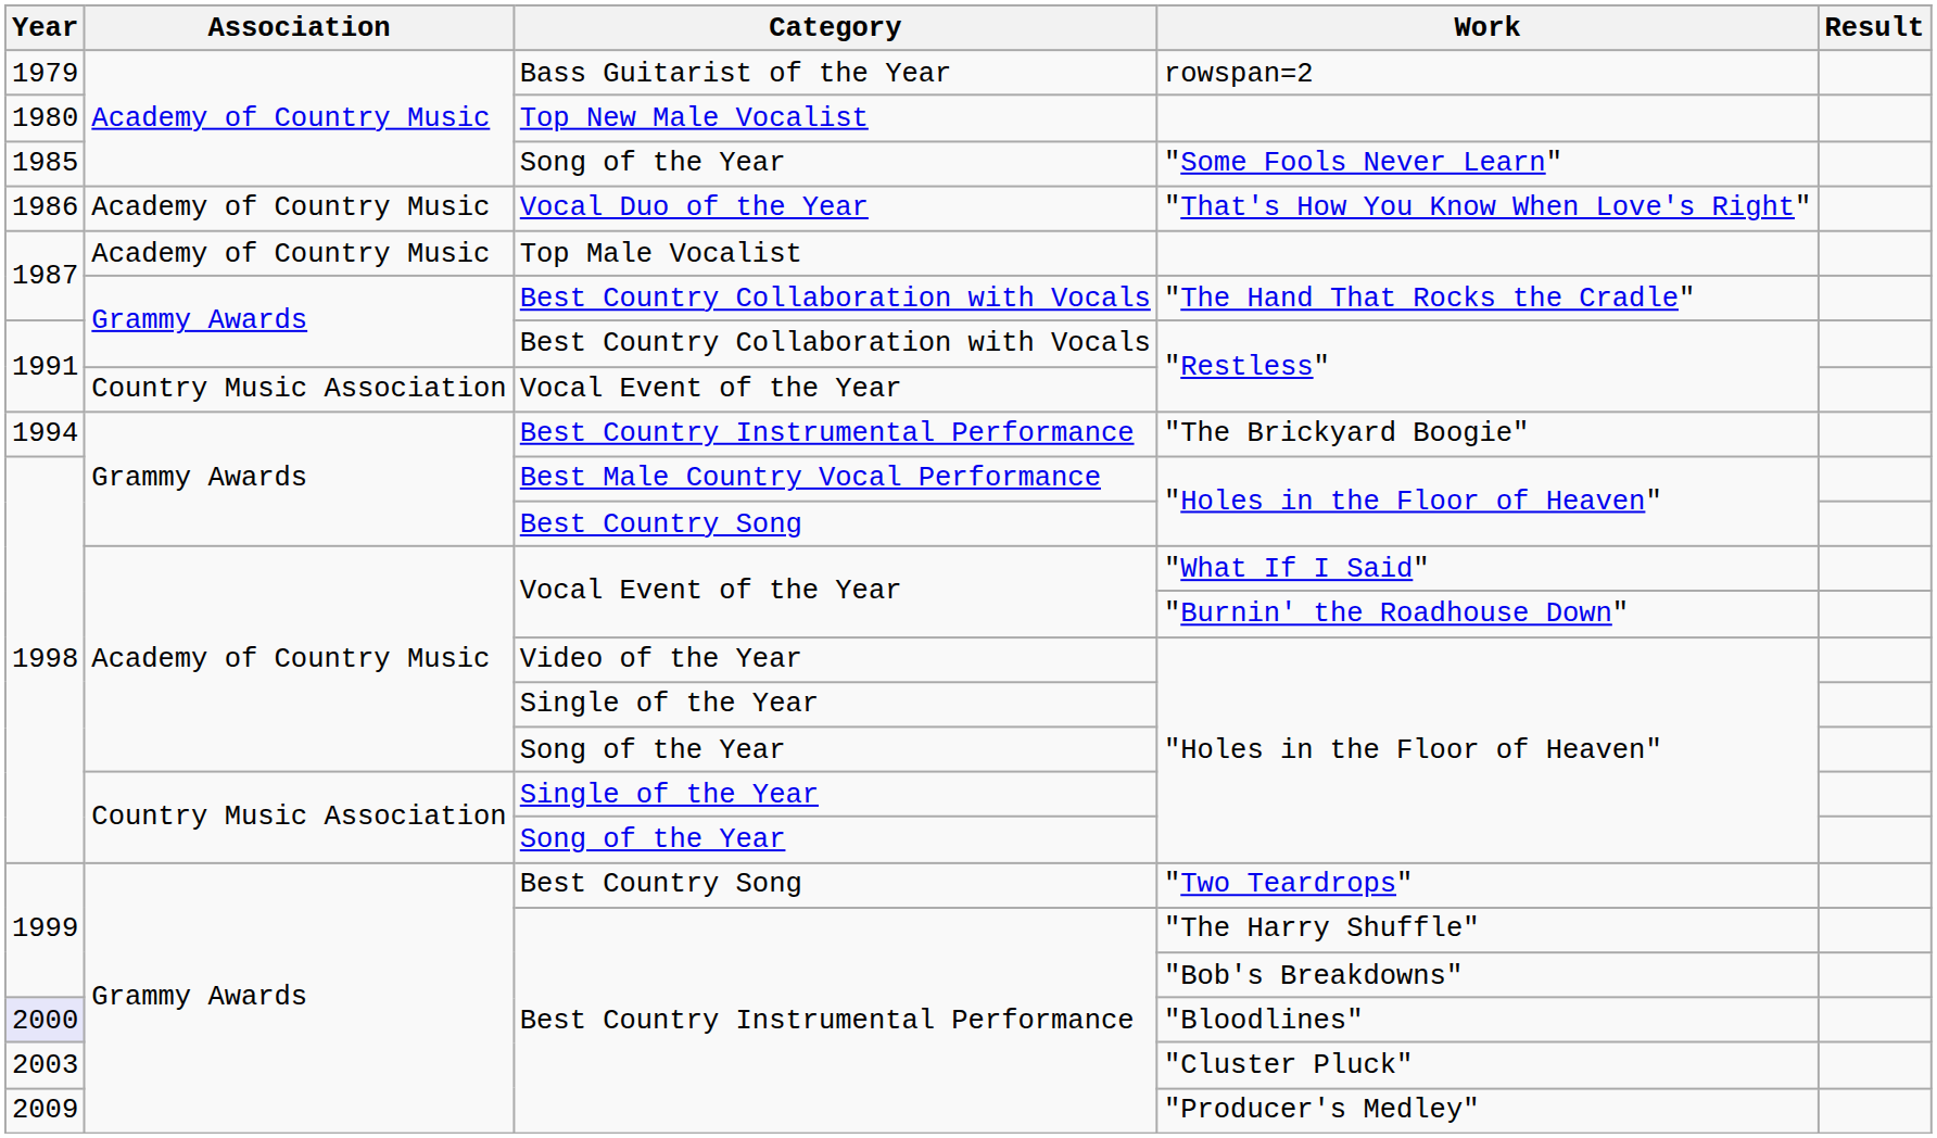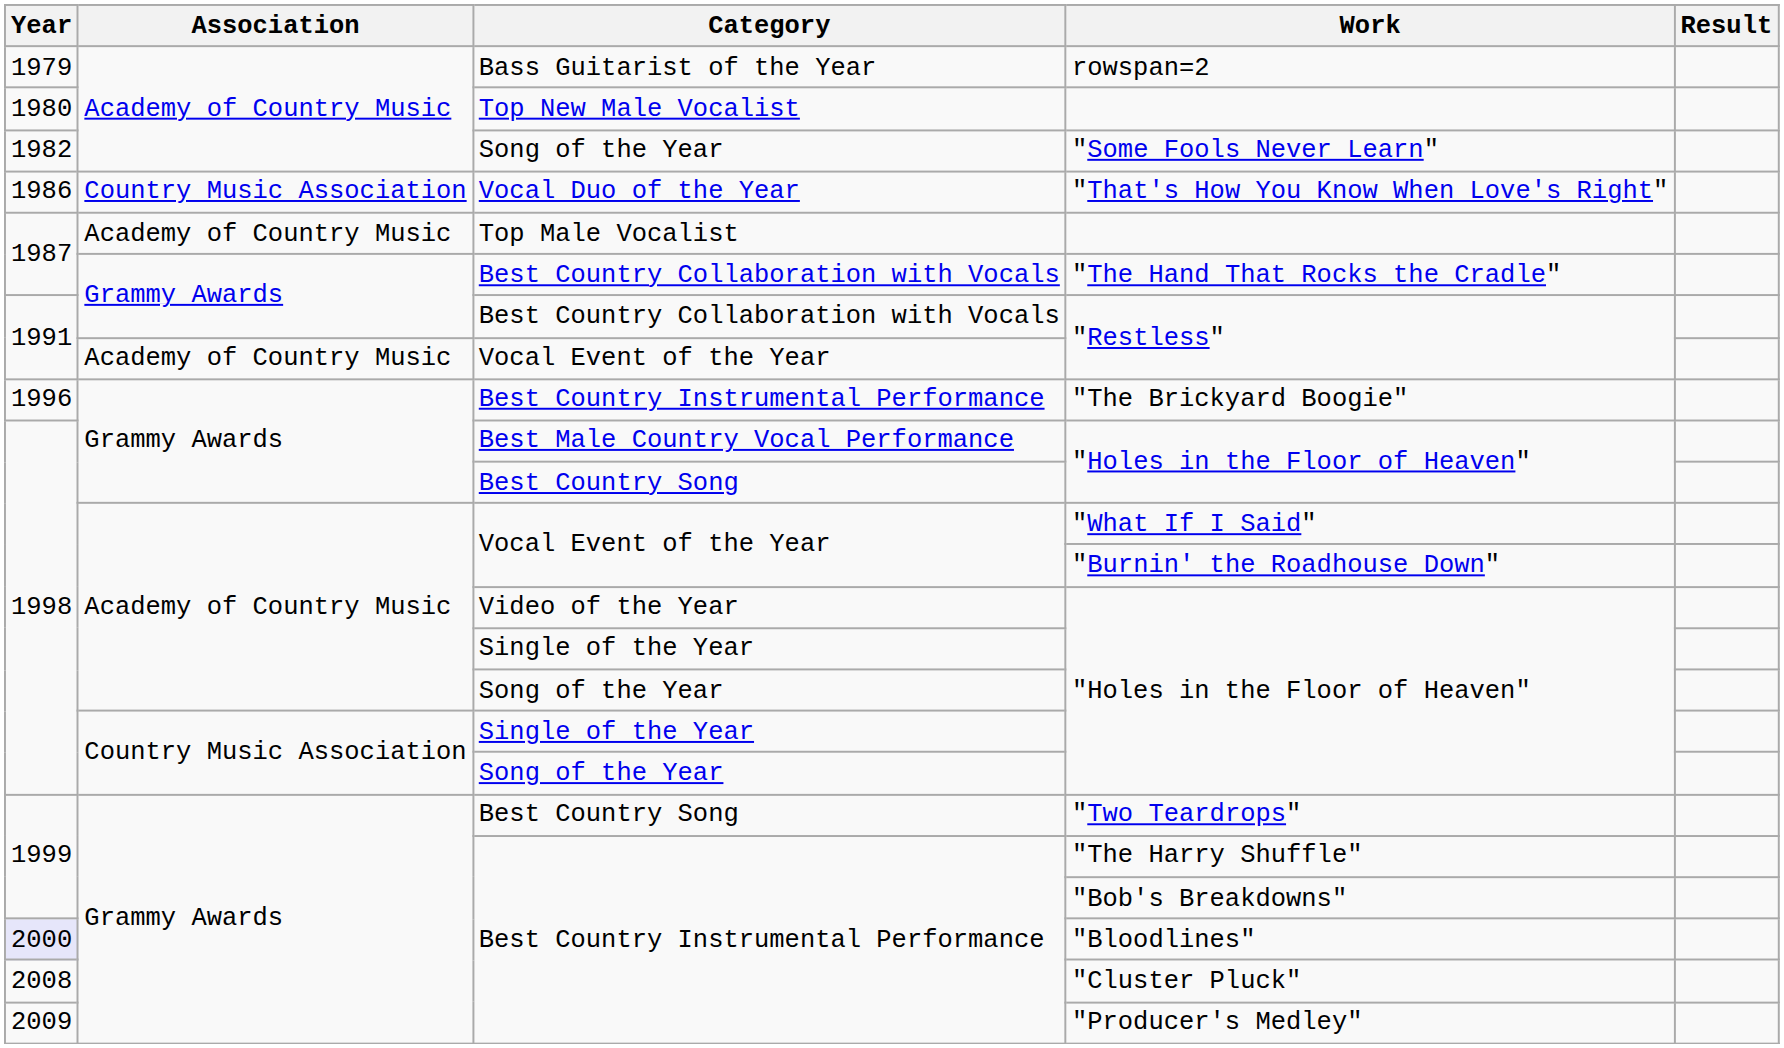 <table class="wikitable">
 <tr>
 <th>Year</th>
 <th>Association</th>
 <th>Category</th>
 <th>Work</th>
 <th>Result</th>
 </tr>
 <tr>
 <td>1979</td>
 <td rowspan=3><a href='#'>Academy of Country Music</a></td>
 <td>Bass Guitarist of the Year</td>
 <td>rowspan=2</td>
 <td></td>
 </tr>
 <tr>
 <td>1980</td>
 <td><a href='#'>Top New Male Vocalist</a></td>
 <td></td>
 </tr>
 <tr>
-<td>1985</td>
+<td>1982</td>
 <td>Song of the Year</td>
 <td>"<a href='#'>Some Fools Never Learn</a>"</td>
 <td></td>
 </tr>
 <tr>
 <td>1986</td>
-<td>Academy of Country Music</td>
+<td><a href='#'>Country Music Association</a></td>
 <td><a href='#'>Vocal Duo of the Year</a></td>
 <td>"<a href='#'>That's How You Know When Love's Right</a>" </td>
 <td></td>
 </tr>
 <tr>
 <td rowspan=2>1987</td>
 <td>Academy of Country Music</td>
 <td>Top Male Vocalist</td>
 <td></td>
 <td></td>
 </tr>
 <tr>
 <td rowspan=2><a href='#'>Grammy Awards</a></td>
 <td><a href='#'>Best Country Collaboration with Vocals</a></td>
 <td>"<a href='#'>The Hand That Rocks the Cradle</a>" </td>
 <td></td>
 </tr>
 <tr>
 <td rowspan=2>1991</td>
 <td>Best Country Collaboration with Vocals</td>
 <td rowspan=2>"<a href='#'>Restless</a>" </td>
 <td></td>
 </tr>
 <tr>
-<td>Country Music Association</td>
+<td>Academy of Country Music</td>
 <td>Vocal Event of the Year</td>
 <td></td>
 </tr>
 <tr>
-<td>1994</td>
+<td>1996</td>
 <td rowspan=3>Grammy Awards</td>
 <td><a href='#'>Best Country Instrumental Performance</a></td>
 <td>"The Brickyard Boogie" </td>
 <td></td>
 </tr>
 <tr>
 <td rowspan=9>1998</td>
 <td><a href='#'>Best Male Country Vocal Performance</a></td>
 <td rowspan=2>"<a href='#'>Holes in the Floor of Heaven</a>"</td>
 <td></td>
 </tr>
 <tr>
 <td><a href='#'>Best Country Song</a></td>
 <td></td>
 </tr>
 <tr>
 <td rowspan=5>Academy of Country Music</td>
 <td rowspan=2>Vocal Event of the Year</td>
 <td>"<a href='#'>What If I Said</a>" </td>
 <td></td>
 </tr>
 <tr>
 <td>"<a href='#'>Burnin' the Roadhouse Down</a>" </td>
 <td></td>
 </tr>
 <tr>
 <td>Video of the Year</td>
 <td rowspan=5>"Holes in the Floor of Heaven"</td>
 <td></td>
 </tr>
 <tr>
 <td>Single of the Year</td>
 <td></td>
 </tr>
 <tr>
 <td>Song of the Year</td>
 <td></td>
 </tr>
 <tr>
 <td rowspan=2>Country Music Association</td>
 <td><a href='#'>Single of the Year</a></td>
 <td></td>
 </tr>
 <tr>
 <td><a href='#'>Song of the Year</a></td>
 <td></td>
 </tr>
 <tr>
 <td rowspan=3>1999</td>
 <td rowspan=6>Grammy Awards</td>
 <td>Best Country Song</td>
 <td>"<a href='#'>Two Teardrops</a>"</td>
 <td></td>
 </tr>
 <tr>
 <td rowspan=5>Best Country Instrumental Performance</td>
 <td>"The Harry Shuffle"</td>
 <td></td>
 </tr>
 <tr>
 <td>"Bob's Breakdowns" </td>
 <td></td>
 </tr>
 <tr>
 <td style="background: lavender;">2000</td>
 <td>"Bloodlines"</td>
 <td></td>
 </tr>
 <tr>
-<td>2003</td>
+<td>2008</td>
 <td>"Cluster Pluck" </td>
 <td></td>
 </tr>
 <tr>
 <td>2009</td>
 <td>"Producer's Medley"</td>
 <td></td>
 </tr>
 <tr>
 </tr>
 </table>
